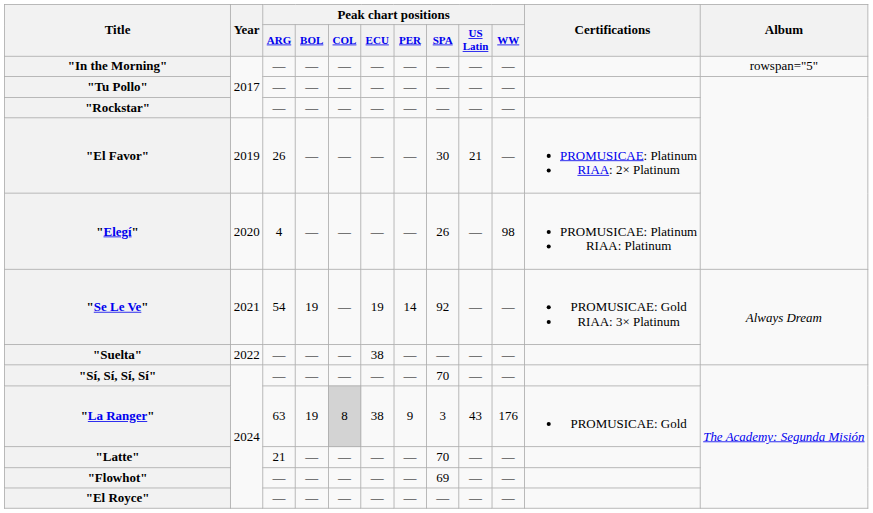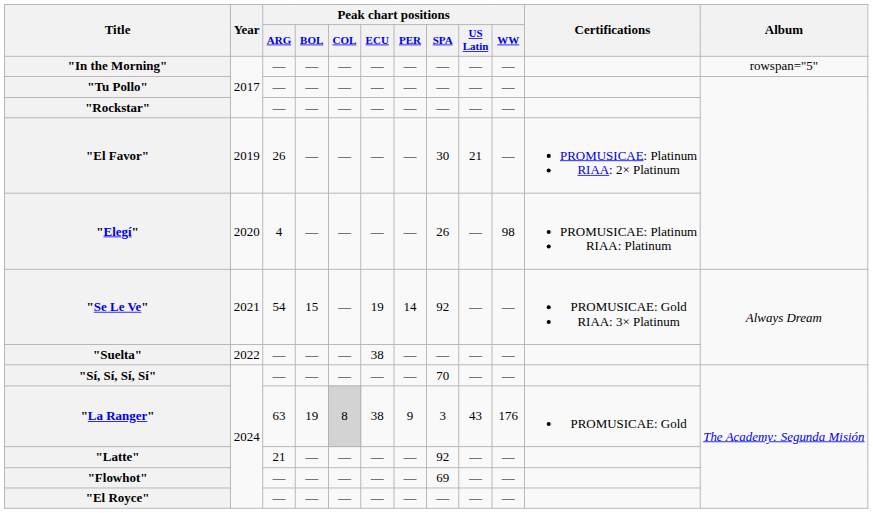 <table class="wikitable plainrowheaders" style="text-align:center;">
 <tr>
 <th scope="col" rowspan="2" style="width:17em;">Title</th>
 <th scope="col" rowspan="2">Year</th>
 <th scope="col" colspan="8">Peak chart positions</th>
 <th scope="col" rowspan="2">Certifications</th>
 <th scope="col" rowspan="2">Album</th>
 </tr>
 <tr>
 <th scope="col" style="width:2.5em; font-size:85%;"><a href='#'>ARG</a><br></th>
 <th scope="col" style="width:2.5em; font-size:85%;"><a href='#'>BOL</a><br></th>
 <th scope="col" style="width:2.5em; font-size:85%;"><a href='#'>COL</a><br></th>
 <th scope="col" style="width:2.5em; font-size:85%;"><a href='#'>ECU</a><br></th>
 <th scope="col" style="width:2.5em; font-size:85%;"><a href='#'>PER</a><br></th>
 <th scope="col" style="width:2.5em; font-size:85%;"><a href='#'>SPA</a><br></th>
 <th scope="col" style="width:2.5em; font-size:85%;"><a href='#'>US<br>Latin</a><br></th>
 <th scope="col" style="width:2.5em; font-size:85%;"><a href='#'>WW</a><br></th>
 </tr>
 <tr>
 <th scope="row">"In the Morning"<br></th>
 <td rowspan="3">2017</td>
 <td>—</td>
 <td>—</td>
 <td>—</td>
 <td>—</td>
 <td>—</td>
 <td>—</td>
 <td>—</td>
 <td>—</td>
 <td></td>
 <td>rowspan="5" </td>
 </tr>
 <tr>
 <th scope="row">"Tu Pollo"<br></th>
 <td>—</td>
 <td>—</td>
 <td>—</td>
 <td>—</td>
 <td>—</td>
 <td>—</td>
 <td>—</td>
 <td>—</td>
 <td></td>
 </tr>
 <tr>
 <th scope="row">"Rockstar"<br></th>
 <td>—</td>
 <td>—</td>
 <td>—</td>
 <td>—</td>
 <td>—</td>
 <td>—</td>
 <td>—</td>
 <td>—</td>
 <td></td>
 </tr>
 <tr>
 <th scope="row">"El Favor"<br></th>
 <td>2019</td>
 <td>26</td>
 <td>—</td>
 <td>—</td>
 <td>—</td>
 <td>—</td>
 <td>30</td>
 <td>21</td>
 <td>—</td>
 <td><br><ul><li><a href='#'>PROMUSICAE</a>: Platinum</li><li><a href='#'>RIAA</a>: 2× Platinum </li></ul></td>
 </tr>
 <tr>
 <th scope="row">"<a href='#'>Elegí</a>"<br></th>
 <td>2020</td>
 <td>4</td>
 <td>—</td>
 <td>—</td>
 <td>—</td>
 <td>—</td>
 <td>26</td>
 <td>—</td>
 <td>98</td>
 <td><br><ul><li>PROMUSICAE: Platinum</li><li>RIAA: Platinum </li></ul></td>
 </tr>
 <tr>
 <th scope="row">"<a href='#'>Se Le Ve</a>"<br></th>
 <td>2021</td>
 <td>54</td>
-<td>19</td>
+<td>15</td>
 <td>—</td>
 <td>19</td>
 <td>14</td>
 <td>92</td>
 <td>—</td>
 <td>—</td>
 <td><br><ul><li>PROMUSICAE: Gold</li><li>RIAA: 3× Platinum </li></ul></td>
 <td rowspan="2"><em>Always Dream</em></td>
 </tr>
 <tr>
 <th scope="row">"Suelta"<br></th>
 <td>2022</td>
 <td>—</td>
 <td>—</td>
 <td>—</td>
 <td>38</td>
 <td>—</td>
 <td>—</td>
 <td>—</td>
 <td>—</td>
 <td></td>
 </tr>
 <tr>
 <th scope="row">"Sí, Sí, Sí, Sí"<br></th>
 <td rowspan="5">2024</td>
 <td>—</td>
 <td>—</td>
 <td>—</td>
 <td>—</td>
 <td>—</td>
 <td>70</td>
 <td>—</td>
 <td>—</td>
 <td></td>
 <td rowspan="5"><em><a href='#'>The Academy: Segunda Misión</a></em></td>
 </tr>
 <tr>
 <th scope="row">"<a href='#'>La Ranger</a>"<br></th>
 <td>63</td>
 <td>19</td>
 <td style="background: lightgrey;">8</td>
 <td>38</td>
 <td>9</td>
 <td>3</td>
 <td>43</td>
 <td>176</td>
 <td><br><ul><li>PROMUSICAE: Gold</li></ul></td>
 </tr>
 <tr>
 <th scope="row">"Latte"<br></th>
 <td>21</td>
 <td>—</td>
 <td>—</td>
 <td>—</td>
 <td>—</td>
-<td>70</td>
+<td>92</td>
 <td>—</td>
 <td>—</td>
 <td></td>
 </tr>
 <tr>
 <th scope="row">"Flowhot"<br></th>
 <td>—</td>
 <td>—</td>
 <td>—</td>
 <td>—</td>
 <td>—</td>
 <td>69</td>
 <td>—</td>
 <td>—</td>
 <td></td>
 </tr>
 <tr>
 <th scope="row">"El Royce"<br></th>
 <td>—</td>
 <td>—</td>
 <td>—</td>
 <td>—</td>
 <td>—</td>
 <td>—</td>
 <td>—</td>
 <td>—</td>
 <td></td>
 </tr>
 </table>
